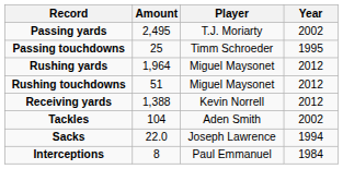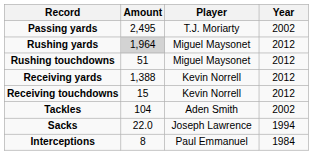 <table class="wikitable" style="text-align: center;">
 <tr>
 <th style="width:175px; ">Record</th>
 <th style="width:35px; ">Amount</th>
 <th style="width:140px; ">Player</th>
 <th style="width:70px; ">Year</th>
 </tr>
 <tr>
 <td><strong>Passing yards</strong></td>
 <td>2,495</td>
 <td>T.J. Moriarty</td>
 <td>2002</td>
 </tr>
 <tr>
-<td><strong>Passing touchdowns</strong></td>
-<td>25</td>
-<td>Timm Schroeder</td>
-<td>1995</td>
-</tr>
-<tr>
 <td><strong>Rushing yards</strong></td>
-<td>1,964</td>
+<td style="background: lightgrey;">1,964</td>
 <td>Miguel Maysonet</td>
 <td>2012</td>
 </tr>
 <tr>
 <td><strong>Rushing touchdowns</strong></td>
 <td>51</td>
 <td>Miguel Maysonet</td>
 <td>2012</td>
 </tr>
 <tr>
 <td><strong>Receiving yards</strong></td>
 <td>1,388</td>
+<td>Kevin Norrell</td>
+<td>2012</td>
+</tr>
+<tr>
+<td><strong>Receiving touchdowns</strong></td>
+<td>15</td>
 <td>Kevin Norrell</td>
 <td>2012</td>
 </tr>
 <tr>
 <td><strong>Tackles</strong></td>
 <td>104</td>
 <td>Aden Smith</td>
 <td>2002</td>
 </tr>
 <tr>
 <td><strong>Sacks</strong></td>
 <td>22.0</td>
 <td>Joseph Lawrence</td>
 <td>1994</td>
 </tr>
 <tr>
 <td><strong>Interceptions</strong></td>
 <td>8</td>
 <td>Paul Emmanuel</td>
 <td>1984</td>
 </tr>
 </table>
